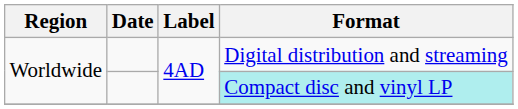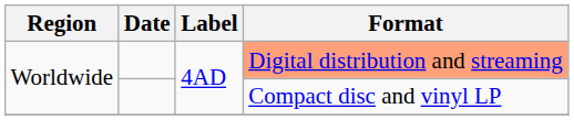 <table class="wikitable">
 <tr>
 <th scope="col">Region</th>
 <th scope="col">Date</th>
 <th scope="col">Label</th>
 <th scope="col">Format</th>
 </tr>
 <tr>
 <td rowspan="2">Worldwide</td>
 <td></td>
 <td rowspan="2"><a href='#'>4AD</a></td>
-<td scope="row"><a href='#'>Digital distribution</a> and <a href='#'>streaming</a></td>
+<td scope="row" style="background: lightsalmon;"><a href='#'>Digital distribution</a> and <a href='#'>streaming</a></td>
 </tr>
 <tr>
 <td></td>
-<td scope="row" style="background: paleturquoise;"><a href='#'>Compact disc</a> and <a href='#'>vinyl LP</a></td>
+<td scope="row"><a href='#'>Compact disc</a> and <a href='#'>vinyl LP</a></td>
 </tr>
 <tr>
 </tr>
 </table>
